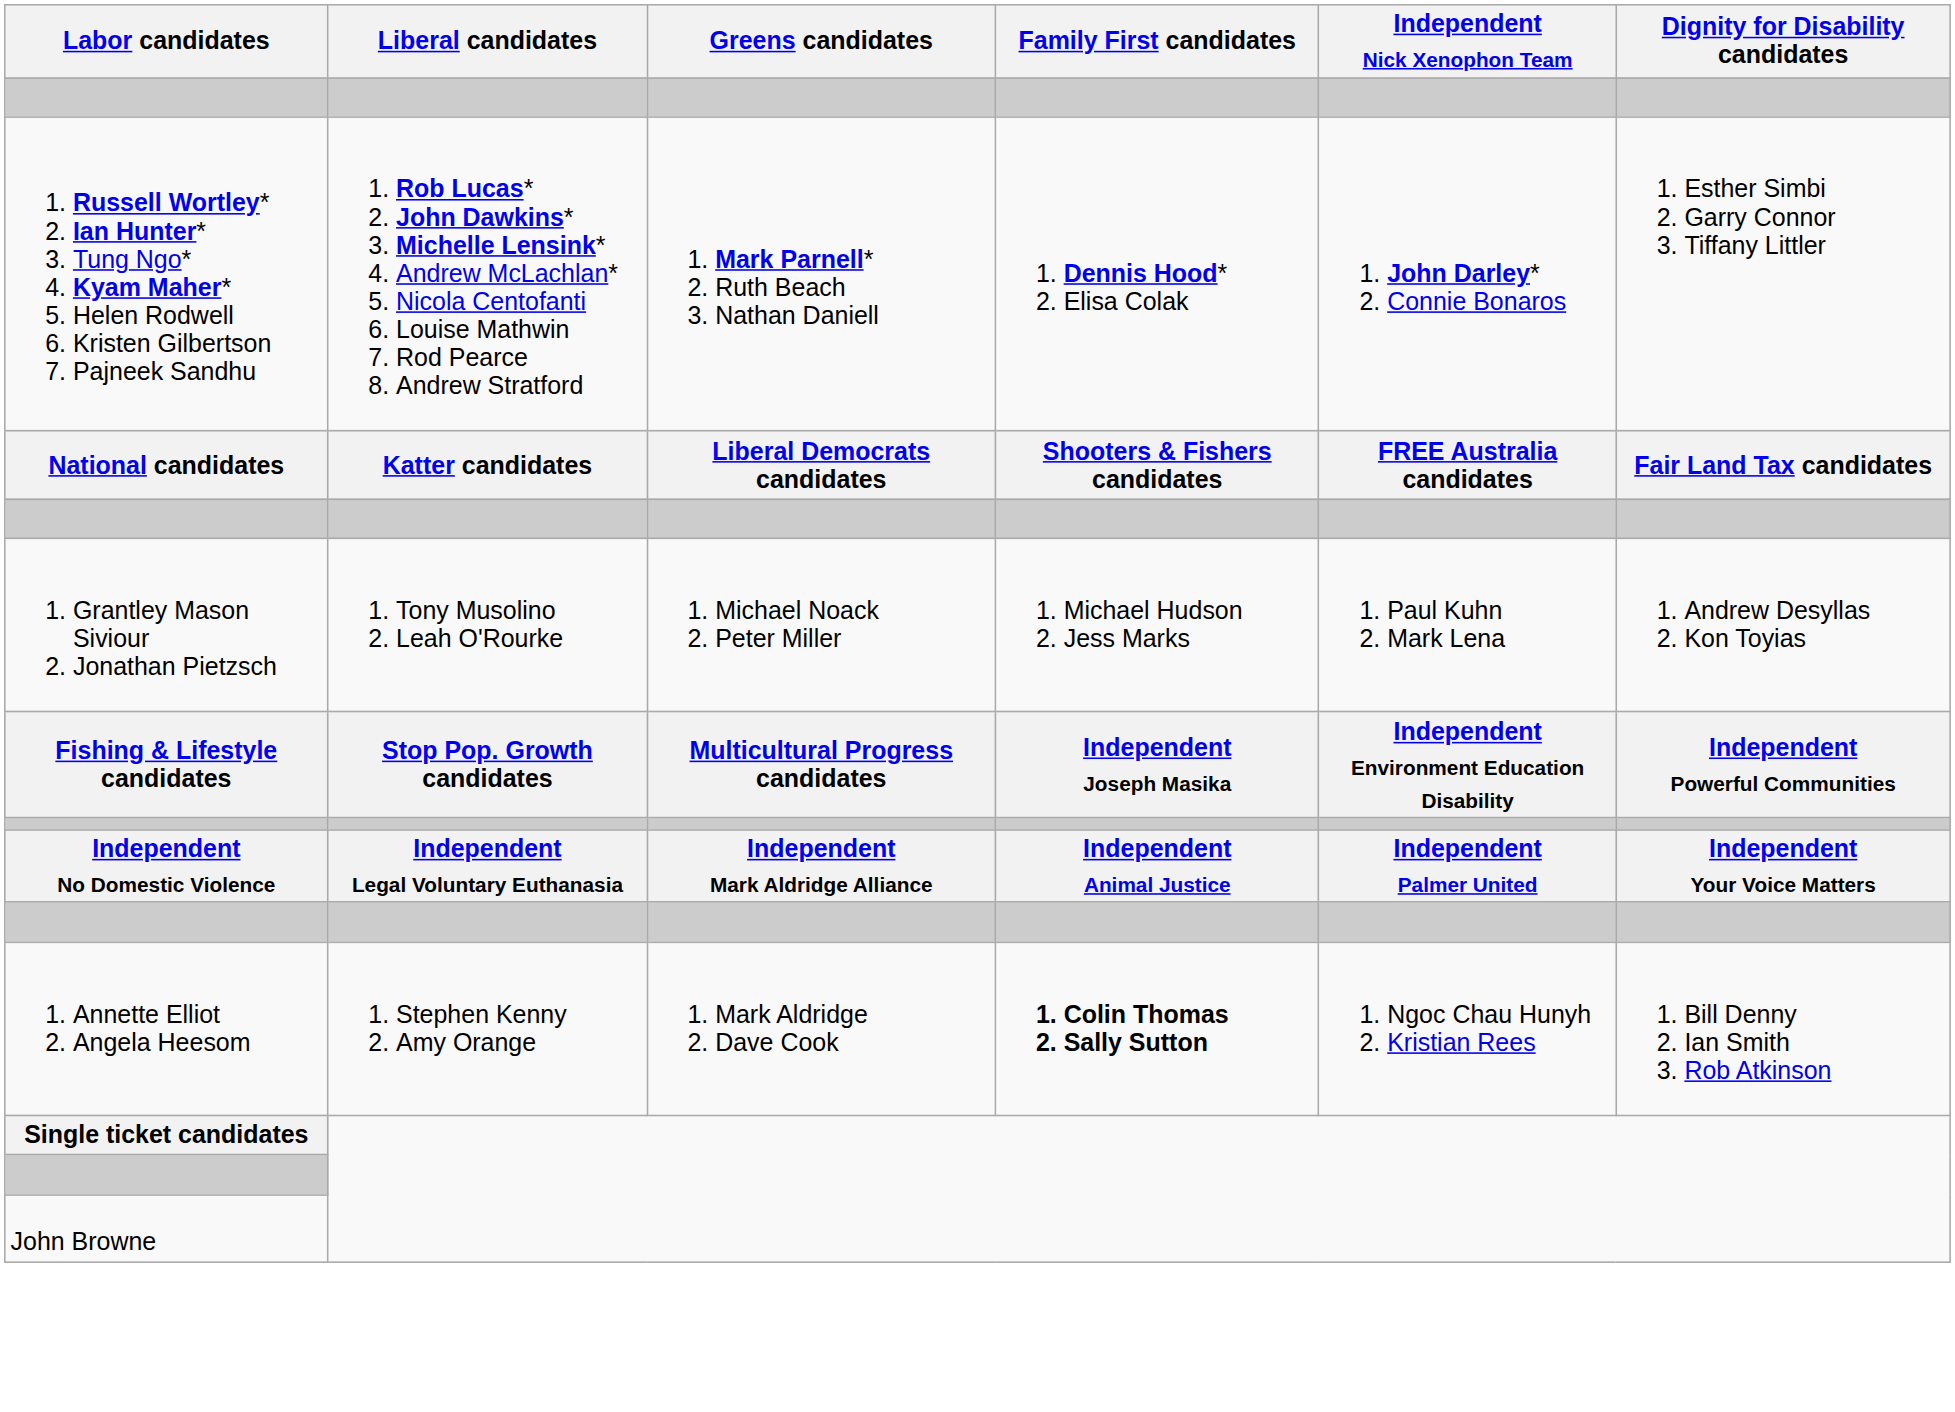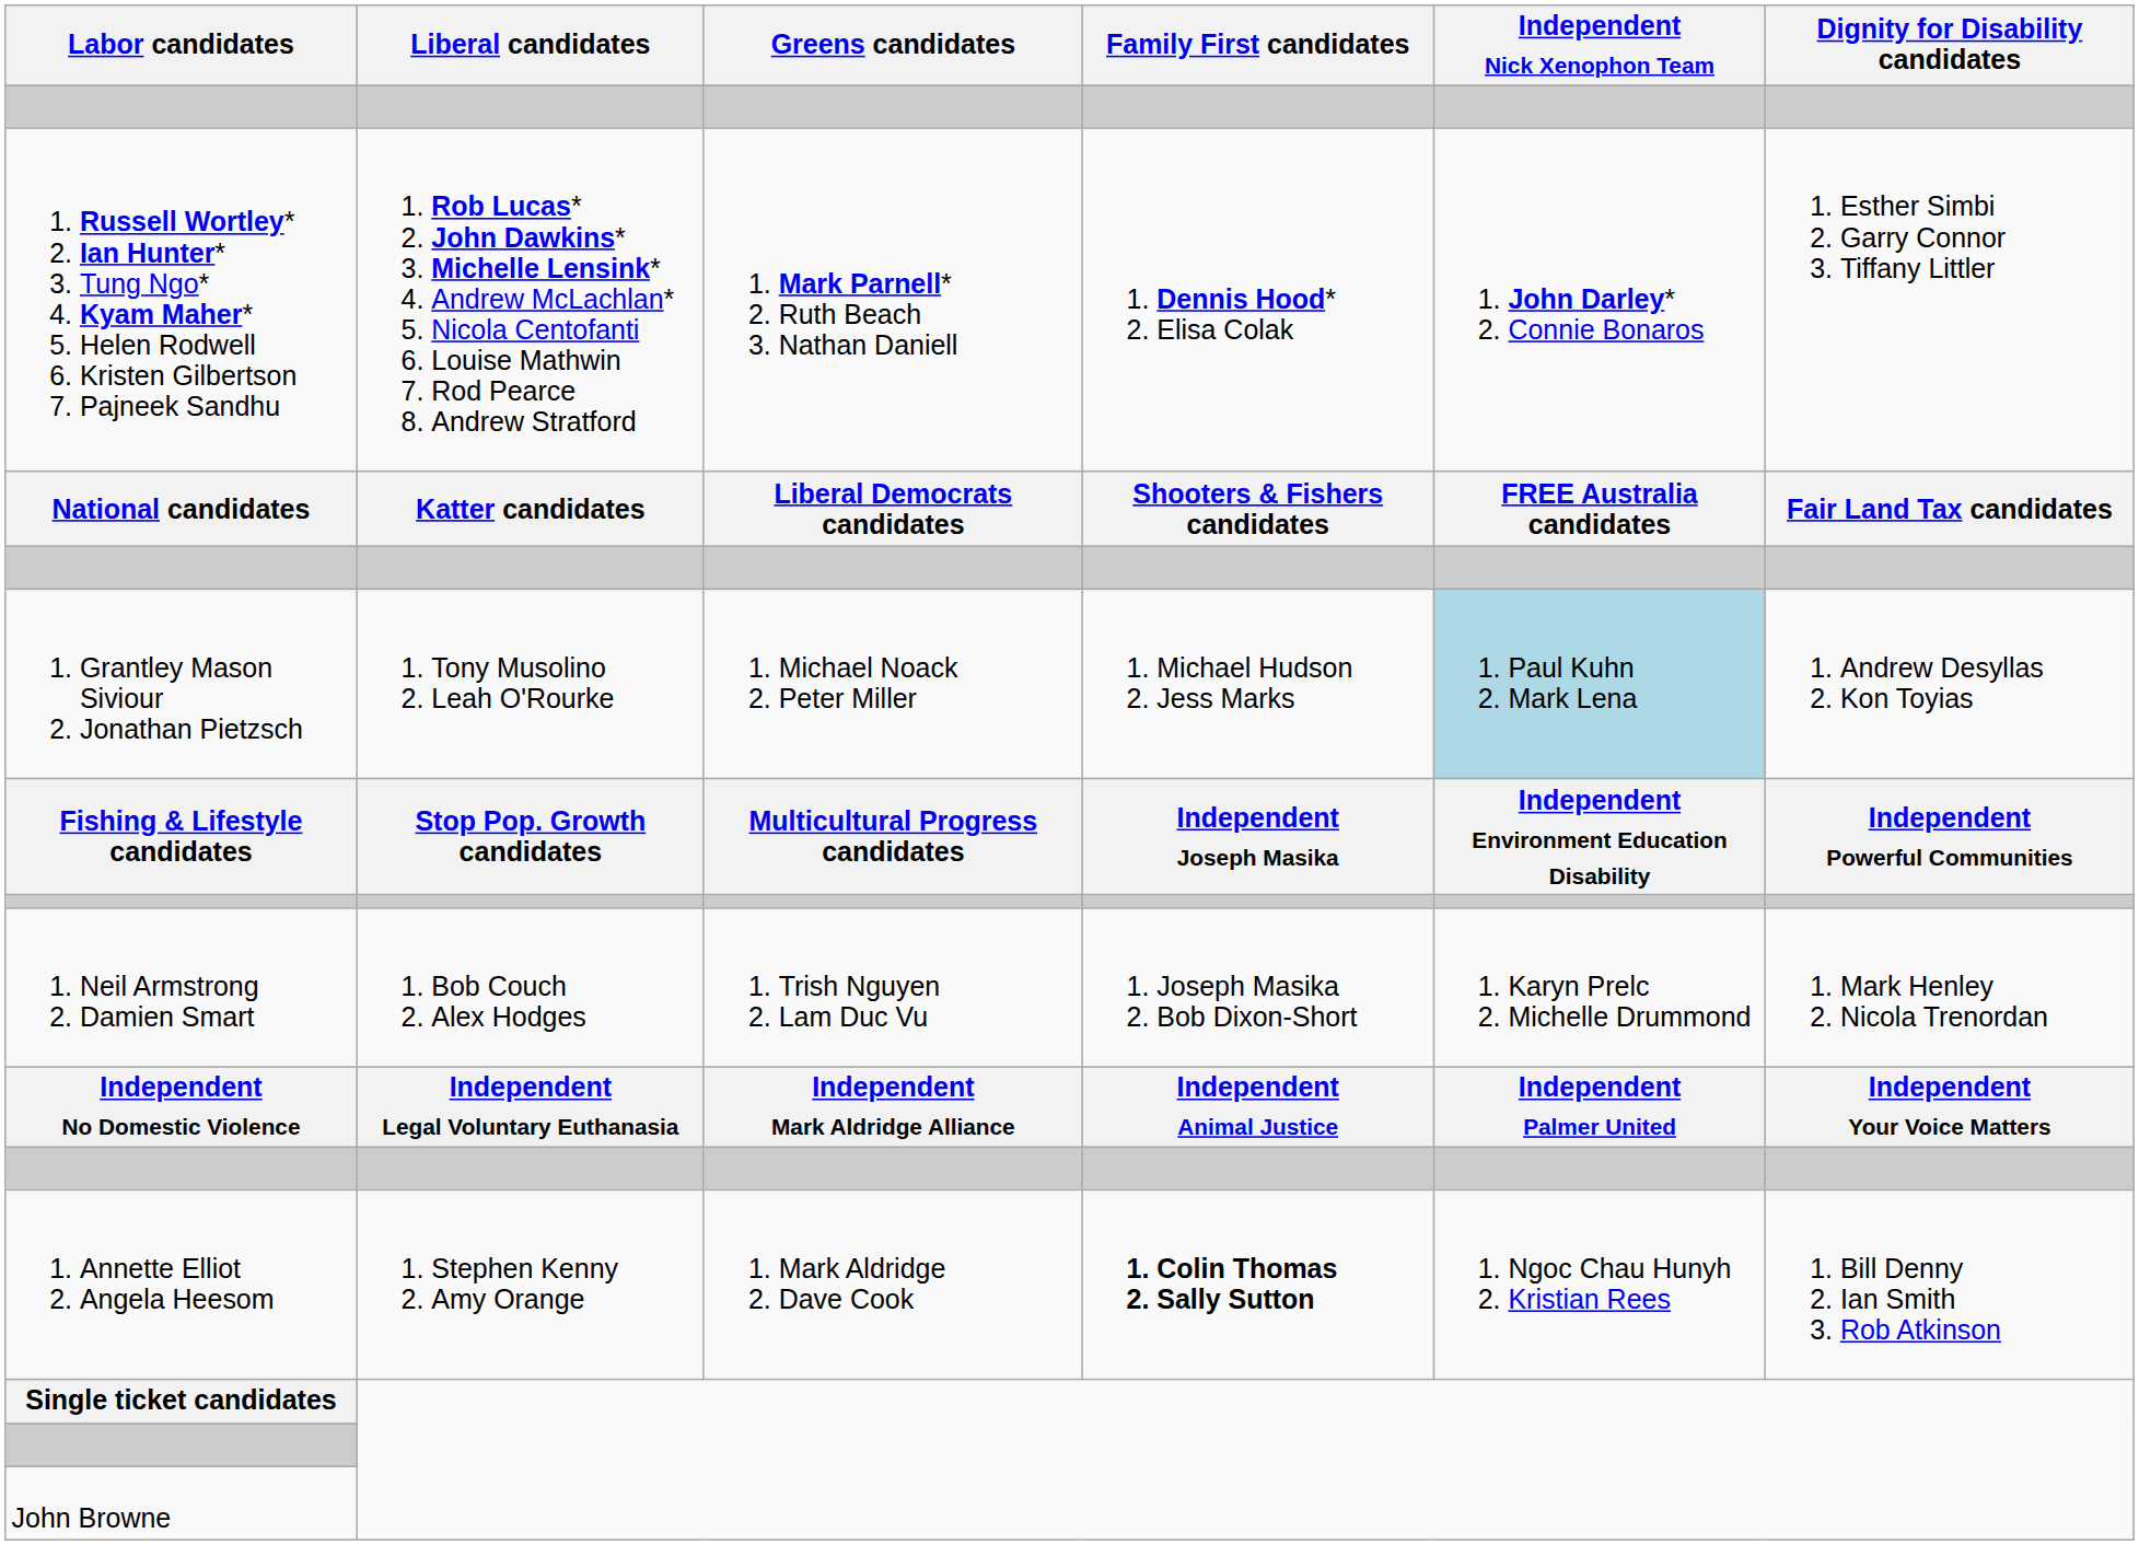 <table class="wikitable">
 <tr>
 <th><a href='#'>Labor</a> candidates</th>
 <th><a href='#'>Liberal</a> candidates</th>
 <th><a href='#'>Greens</a> candidates</th>
 <th><a href='#'>Family First</a> candidates</th>
 <th><a href='#'>Independent</a><br><sub><a href='#'>Nick Xenophon Team</a></sub></th>
 <th><a href='#'>Dignity for Disability</a> candidates</th>
 </tr>
 <tr bgcolor="#cccccc">
 <td></td>
 <td></td>
 <td></td>
 <td></td>
 <td></td>
 <td> </td>
 </tr>
 <tr>
 <td><br><ol><li><strong><a href='#'>Russell Wortley</a></strong>*</li><li><strong><a href='#'>Ian Hunter</a></strong>*</li><li><a href='#'>Tung Ngo</a>*</li><li><strong><a href='#'>Kyam Maher</a></strong>*</li><li>Helen Rodwell</li><li>Kristen Gilbertson</li><li>Pajneek Sandhu</li></ol></td>
 <td><br><ol><li><strong><a href='#'>Rob Lucas</a></strong>*</li><li><strong><a href='#'>John Dawkins</a></strong>*</li><li><strong><a href='#'>Michelle Lensink</a></strong>*</li><li><a href='#'>Andrew McLachlan</a>*</li><li><a href='#'>Nicola Centofanti</a></li><li>Louise Mathwin</li><li>Rod Pearce</li><li>Andrew Stratford</li></ol></td>
 <td><br><ol><li><strong><a href='#'>Mark Parnell</a></strong>*</li><li>Ruth Beach</li><li>Nathan Daniell</li></ol></td>
 <td><br><ol><li><strong><a href='#'>Dennis Hood</a></strong>*</li><li>Elisa Colak</li></ol></td>
 <td><br><ol><li><strong><a href='#'>John Darley</a></strong>*</li><li><a href='#'>Connie Bonaros</a></li></ol></td>
 <td valign=top><br><ol><li>Esther Simbi</li><li>Garry Connor</li><li>Tiffany Littler</li></ol></td>
 </tr>
 <tr bgcolor="#cccccc">
 <th><a href='#'>National</a> candidates</th>
 <th><a href='#'>Katter</a> candidates</th>
 <th><a href='#'>Liberal Democrats</a> candidates</th>
 <th><a href='#'>Shooters & Fishers</a> candidates</th>
 <th><a href='#'>FREE Australia</a> candidates</th>
 <th><a href='#'>Fair Land Tax</a> candidates</th>
 </tr>
 <tr bgcolor="#cccccc">
 <td></td>
 <td></td>
 <td></td>
 <td></td>
 <td></td>
 <td> </td>
 </tr>
 <tr>
 <td valign=top><br><ol><li>Grantley Mason Siviour</li><li>Jonathan Pietzsch</li></ol></td>
 <td valign=top><br><ol><li>Tony Musolino</li><li>Leah O'Rourke</li></ol></td>
 <td valign=top><br><ol><li>Michael Noack</li><li>Peter Miller</li></ol></td>
 <td valign=top><br><ol><li>Michael Hudson</li><li>Jess Marks</li></ol></td>
-<td valign=top><br><ol><li>Paul Kuhn</li><li>Mark Lena</li></ol></td>
+<td valign=top style="background: lightblue;"><br><ol><li>Paul Kuhn</li><li>Mark Lena</li></ol></td>
 <td valign=top><br><ol><li>Andrew Desyllas</li><li>Kon Toyias</li></ol></td>
 </tr>
 <tr bgcolor="#cccccc">
 <th><a href='#'>Fishing & Lifestyle</a> candidates</th>
 <th><a href='#'>Stop Pop. Growth</a> candidates</th>
 <th><a href='#'>Multicultural Progress</a> candidates</th>
 <th><a href='#'>Independent</a><br><sub>Joseph Masika</sub></th>
 <th><a href='#'>Independent</a><br><sub>Environment Education Disability</sub></th>
 <th><a href='#'>Independent</a><br><sub>Powerful Communities</sub></th>
 </tr>
 <tr bgcolor="#cccccc">
 <td></td>
 <td></td>
 <td></td>
 <td></td>
 <td></td>
 <td></td>
+</tr>
+<tr>
+<td valign=top><br><ol><li>Neil Armstrong</li><li>Damien Smart</li></ol></td>
+<td valign=top><br><ol><li>Bob Couch</li><li>Alex Hodges</li></ol></td>
+<td valign=top><br><ol><li>Trish Nguyen</li><li>Lam Duc Vu</li></ol></td>
+<td valign=top><br><ol><li>Joseph Masika</li><li>Bob Dixon-Short</li></ol></td>
+<td valign=top><br><ol><li>Karyn Prelc</li><li>Michelle Drummond</li></ol></td>
+<td valign=top><br><ol><li>Mark Henley</li><li>Nicola Trenordan</li></ol></td>
 </tr>
 <tr bgcolor="#cccccc">
 <th><a href='#'>Independent</a><br><sub>No Domestic Violence</sub></th>
 <th><a href='#'>Independent</a><br><sub>Legal Voluntary Euthanasia</sub></th>
 <th><a href='#'>Independent</a><br><sub>Mark Aldridge Alliance</sub></th>
 <th><a href='#'>Independent</a><br><sub><a href='#'>Animal Justice</a></sub></th>
 <th><a href='#'>Independent</a><br><sub><a href='#'>Palmer United</a></sub></th>
 <th><a href='#'>Independent</a><br><sub>Your Voice Matters</sub></th>
 </tr>
 <tr bgcolor="#cccccc">
 <td></td>
 <td></td>
 <td></td>
 <td></td>
 <td></td>
 <td> </td>
 </tr>
 <tr>
 <td valign=top><br><ol><li>Annette Elliot</li><li>Angela Heesom</li></ol></td>
 <td valign=top><br><ol><li>Stephen Kenny</li><li>Amy Orange</li></ol></td>
 <td valign=top><br><ol><li>Mark Aldridge</li><li>Dave Cook</li></ol></td>
 <td valign=top><strong><br><ol><li>Colin Thomas</li><li>Sally Sutton</li></ol></strong></td>
 <td valign=top><br><ol><li>Ngoc Chau Hunyh</li><li><a href='#'>Kristian Rees</a></li></ol></td>
 <td valign=top><br><ol><li>Bill Denny</li><li>Ian Smith</li><li><a href='#'>Rob Atkinson</a></li></ol></td>
 </tr>
 <tr bgcolor="#cccccc">
 <th>Single ticket candidates</th>
 </tr>
 <tr bgcolor="#cccccc">
 <td> </td>
 </tr>
 <tr>
 <td valign=top><br>John Browne</td>
 </tr>
 </table>
